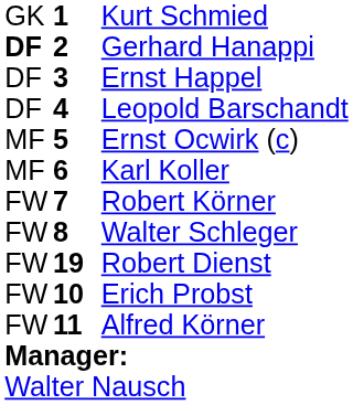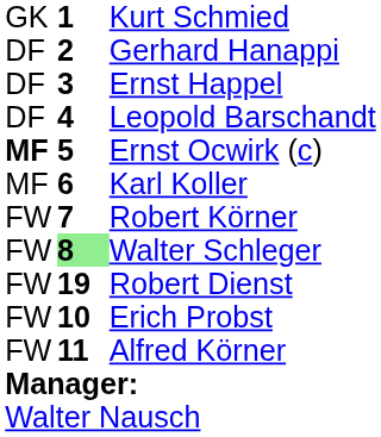 <table style="font-size:90%; margin:0.2em auto;" cellspacing="0" cellpadding="0">
 <tr>
 <th width=25></th>
 <th width=25></th>
 </tr>
 <tr>
 <td>GK</td>
 <td><strong>1</strong></td>
 <td><a href='#'>Kurt Schmied</a></td>
 </tr>
 <tr>
-<td><strong>DF</strong></td>
+<td>DF</td>
 <td><strong>2</strong></td>
 <td><a href='#'>Gerhard Hanappi</a></td>
 </tr>
 <tr>
 <td>DF</td>
 <td><strong>3</strong></td>
 <td><a href='#'>Ernst Happel</a></td>
 </tr>
 <tr>
 <td>DF</td>
 <td><strong>4</strong></td>
 <td><a href='#'>Leopold Barschandt</a></td>
 </tr>
 <tr>
-<td>MF</td>
+<td><strong>MF</strong></td>
 <td><strong>5</strong></td>
 <td><a href='#'>Ernst Ocwirk</a> (<a href='#'>c</a>)</td>
 </tr>
 <tr>
 <td>MF</td>
 <td><strong>6</strong></td>
 <td><a href='#'>Karl Koller</a></td>
 </tr>
 <tr>
 <td>FW</td>
 <td><strong>7</strong></td>
 <td><a href='#'>Robert Körner</a></td>
 </tr>
 <tr>
 <td>FW</td>
-<td><strong>8</strong></td>
+<td style="background: lightgreen;"><strong>8</strong></td>
 <td><a href='#'>Walter Schleger</a></td>
 </tr>
 <tr>
 <td>FW</td>
 <td><strong>19</strong></td>
 <td><a href='#'>Robert Dienst</a></td>
 </tr>
 <tr>
 <td>FW</td>
 <td><strong>10</strong></td>
 <td><a href='#'>Erich Probst</a></td>
 </tr>
 <tr>
 <td>FW</td>
 <td><strong>11</strong></td>
 <td><a href='#'>Alfred Körner</a></td>
 </tr>
 <tr>
 <td colspan=3><strong>Manager:</strong></td>
 </tr>
 <tr>
 <td colspan="4"> <a href='#'>Walter Nausch</a></td>
 </tr>
 </table>
